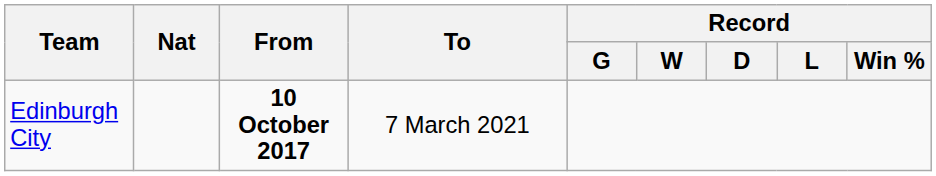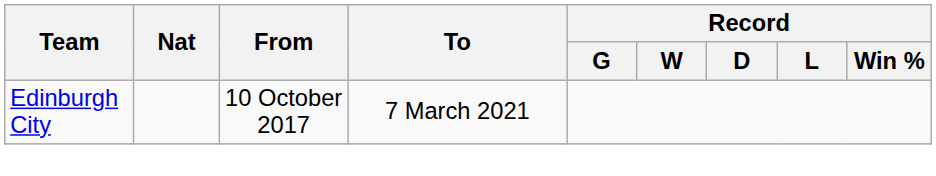 <table class=wikitable style=text-align:center>
 <tr>
 <th rowspan=2! width=80>Team</th>
 <th rowspan=2! width=50>Nat</th>
 <th rowspan=2! width=80>From</th>
 <th rowspan=2! width=140>To</th>
 <th colspan=5>Record</th>
 </tr>
 <tr>
 <th width="40">G</th>
 <th width="40">W</th>
 <th width="40">D</th>
 <th width="40">L</th>
 <th width="50">Win %</th>
 </tr>
 <tr>
 <td align="left"><a href='#'>Edinburgh City</a></td>
 <td align="center"></td>
-<td align="center"><strong>10 October 2017</strong></td>
+<td align="center">10 October 2017</td>
 <td align="center">7 March 2021<br></td>
 </tr>
 </table>
